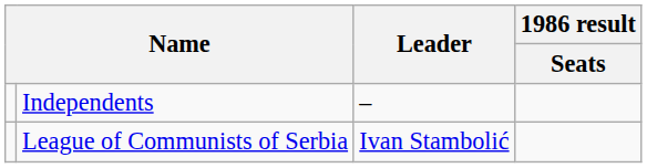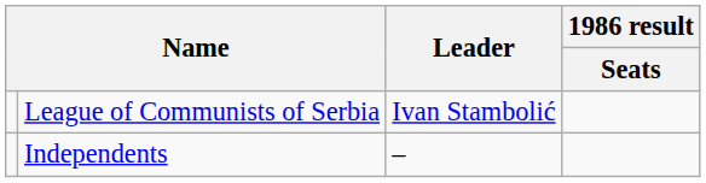 <table class="wikitable" style="text-align:left">
 <tr>
 <th colspan="2" rowspan="2">Name</th>
 <th rowspan="2">Leader</th>
 <th>1986 result</th>
 </tr>
 <tr>
 <th>Seats</th>
 </tr>
 <tr>
 <td style="background:"></td>
+<td><a href='#'>League of Communists of Serbia</a></td>
+<td><a href='#'>Ivan Stambolić</a></td>
+<td></td>
+</tr>
+<tr>
+<td style="background:"></td>
 <td><a href='#'>Independents</a></td>
 <td>–</td>
 <td></td>
 </tr>
-<tr>
-<td style="background:"></td>
-<td><a href='#'>League of Communists of Serbia</a></td>
-<td><a href='#'>Ivan Stambolić</a></td>
-<td></td>
-</tr>
 </table>
